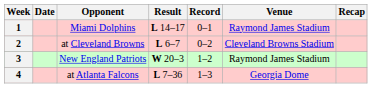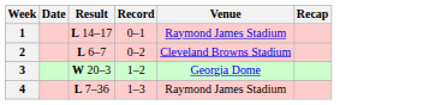 <table class="wikitable" style="text-align:center">
 <tr>
 <th>Week</th>
 <th>Date</th>
-<th>Opponent</th>
 <th>Result</th>
 <th>Record</th>
 <th>Venue</th>
 <th>Recap</th>
 </tr>
 <tr style="background: #fcc;">
 <th>1</th>
 <td></td>
-<td><a href='#'>Miami Dolphins</a></td>
 <td><strong>L</strong> 14–17</td>
 <td>0–1</td>
 <td><a href='#'>Raymond James Stadium</a></td>
 <td></td>
 </tr>
 <tr style="background: #fcc;">
 <th>2</th>
 <td></td>
-<td>at <a href='#'>Cleveland Browns</a></td>
 <td><strong>L</strong> 6–7</td>
 <td>0–2</td>
 <td><a href='#'>Cleveland Browns Stadium</a></td>
 <td></td>
 </tr>
 <tr style="background: #cfc;">
 <th>3</th>
 <td></td>
-<td><a href='#'>New England Patriots</a></td>
 <td><strong>W</strong> 20–3</td>
 <td>1–2</td>
-<td>Raymond James Stadium</td>
+<td><a href='#'>Georgia Dome</a></td>
 <td></td>
 </tr>
 <tr style="background: #fcc;">
 <th>4</th>
 <td></td>
-<td>at <a href='#'>Atlanta Falcons</a></td>
 <td><strong>L</strong> 7–36</td>
 <td>1–3</td>
-<td><a href='#'>Georgia Dome</a></td>
+<td>Raymond James Stadium</td>
 <td></td>
 </tr>
 </table>
